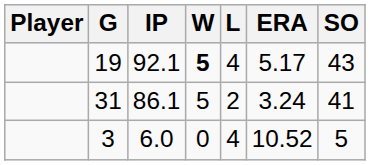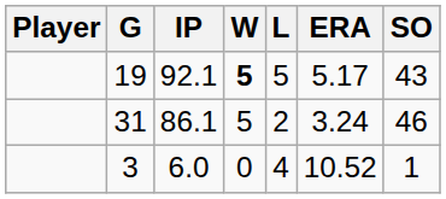 <table class="wikitable sortable" style="text-align:center">
 <tr>
 <th>Player</th>
 <th>G</th>
 <th>IP</th>
 <th>W</th>
 <th>L</th>
 <th>ERA</th>
 <th>SO</th>
 </tr>
 <tr>
 <td></td>
 <td>19</td>
 <td>92.1</td>
 <td><strong>5</strong></td>
-<td>4</td>
+<td>5</td>
 <td>5.17</td>
 <td>43</td>
 </tr>
 <tr>
 <td></td>
 <td>31</td>
 <td>86.1</td>
 <td>5</td>
 <td>2</td>
 <td>3.24</td>
-<td>41</td>
+<td>46</td>
 </tr>
 <tr>
 <td></td>
 <td>3</td>
 <td>6.0</td>
 <td>0</td>
 <td>4</td>
 <td>10.52</td>
-<td>5</td>
+<td>1</td>
 </tr>
 </table>
